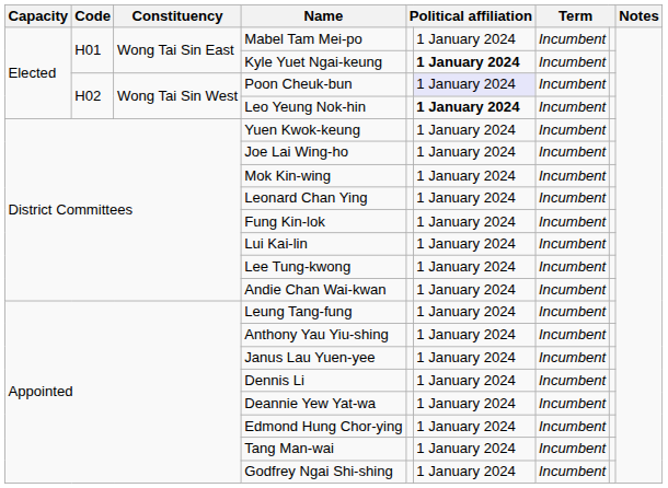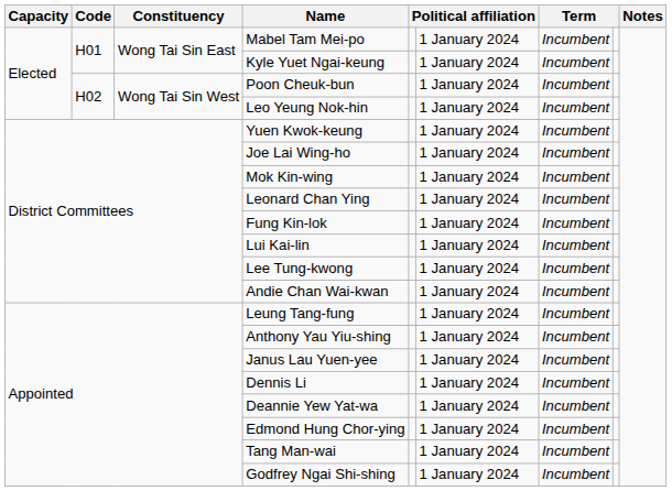 <table class="wikitable sortable" border=1>
 <tr>
 <th>Capacity</th>
 <th>Code</th>
 <th>Constituency</th>
 <th>Name</th>
 <th colspan=2>Political affiliation</th>
 <th colspan="2">Term</th>
 <th class="unsortable">Notes</th>
 </tr>
 <tr>
 <td rowspan="4">Elected</td>
 <td rowspan="2">H01</td>
 <td rowspan="2">Wong Tai Sin East</td>
 <td>Mabel Tam Mei-po</td>
 <td></td>
 <td>1 January 2024</td>
 <td><em>Incumbent</em></td>
 <td></td>
 </tr>
 <tr>
 <td>Kyle Yuet Ngai-keung</td>
 <td></td>
-<td><strong>1 January 2024</strong></td>
+<td>1 January 2024</td>
 <td><em>Incumbent</em></td>
 <td></td>
 </tr>
 <tr>
 <td rowspan="2">H02</td>
 <td rowspan="2">Wong Tai Sin West</td>
 <td>Poon Cheuk-bun</td>
 <td></td>
-<td style="background: lavender;">1 January 2024</td>
+<td>1 January 2024</td>
 <td><em>Incumbent</em></td>
 <td></td>
 </tr>
 <tr>
 <td>Leo Yeung Nok-hin</td>
 <td></td>
-<td><strong>1 January 2024</strong></td>
+<td>1 January 2024</td>
 <td><em>Incumbent</em></td>
 <td></td>
 </tr>
 <tr>
 <td colspan="3" rowspan="8">District Committees</td>
 <td>Yuen Kwok-keung</td>
 <td></td>
 <td>1 January 2024</td>
 <td><em>Incumbent</em></td>
 <td></td>
 </tr>
 <tr>
 <td>Joe Lai Wing-ho</td>
 <td></td>
 <td>1 January 2024</td>
 <td><em>Incumbent</em></td>
 <td></td>
 </tr>
 <tr>
 <td>Mok Kin-wing</td>
 <td></td>
 <td>1 January 2024</td>
 <td><em>Incumbent</em></td>
 <td></td>
 </tr>
 <tr>
 <td>Leonard Chan Ying</td>
 <td></td>
 <td>1 January 2024</td>
 <td><em>Incumbent</em></td>
 <td></td>
 </tr>
 <tr>
 <td>Fung Kin-lok</td>
 <td></td>
 <td>1 January 2024</td>
 <td><em>Incumbent</em></td>
 <td></td>
 </tr>
 <tr>
 <td>Lui Kai-lin</td>
 <td></td>
 <td>1 January 2024</td>
 <td><em>Incumbent</em></td>
 <td></td>
 </tr>
 <tr>
 <td>Lee Tung-kwong</td>
 <td></td>
 <td>1 January 2024</td>
 <td><em>Incumbent</em></td>
 <td></td>
 </tr>
 <tr>
 <td>Andie Chan Wai-kwan</td>
 <td></td>
 <td>1 January 2024</td>
 <td><em>Incumbent</em></td>
 <td></td>
 </tr>
 <tr>
 <td colspan="3" rowspan="8">Appointed</td>
 <td>Leung Tang-fung</td>
 <td></td>
 <td>1 January 2024</td>
 <td><em>Incumbent</em></td>
 <td></td>
 </tr>
 <tr>
 <td>Anthony Yau Yiu-shing</td>
 <td></td>
 <td>1 January 2024</td>
 <td><em>Incumbent</em></td>
 <td></td>
 </tr>
 <tr>
 <td>Janus Lau Yuen-yee</td>
 <td></td>
 <td>1 January 2024</td>
 <td><em>Incumbent</em></td>
 <td></td>
 </tr>
 <tr>
 <td>Dennis Li</td>
 <td></td>
 <td>1 January 2024</td>
 <td><em>Incumbent</em></td>
 <td></td>
 </tr>
 <tr>
 <td>Deannie Yew Yat-wa</td>
 <td></td>
 <td>1 January 2024</td>
 <td><em>Incumbent</em></td>
 <td></td>
 </tr>
 <tr>
 <td>Edmond Hung Chor-ying</td>
 <td></td>
 <td>1 January 2024</td>
 <td><em>Incumbent</em></td>
 <td></td>
 </tr>
 <tr>
 <td>Tang Man-wai</td>
 <td></td>
 <td>1 January 2024</td>
 <td><em>Incumbent</em></td>
 <td></td>
 </tr>
 <tr>
 <td>Godfrey Ngai Shi-shing</td>
 <td></td>
 <td>1 January 2024</td>
 <td><em>Incumbent</em></td>
 <td></td>
 </tr>
 </table>
